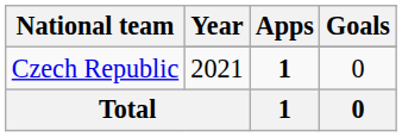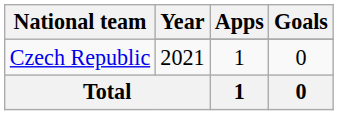 <table class="wikitable" style="text-align:center">
 <tr>
 <th>National team</th>
 <th>Year</th>
 <th>Apps</th>
 <th>Goals</th>
 </tr>
 <tr>
 <td rowspan=2><a href='#'>Czech Republic</a></td>
 </tr>
 <tr>
 <td>2021</td>
-<td><strong>1</strong></td>
+<td>1</td>
 <td>0</td>
 </tr>
 <tr>
 <th colspan="2">Total</th>
 <th>1</th>
 <th>0</th>
 </tr>
 </table>
